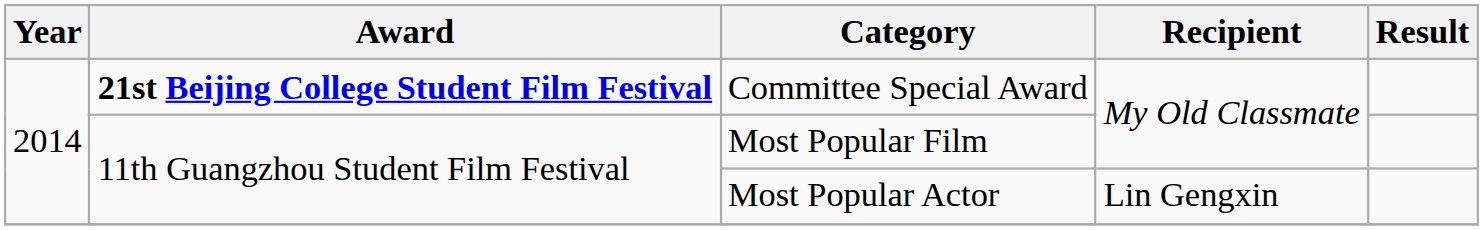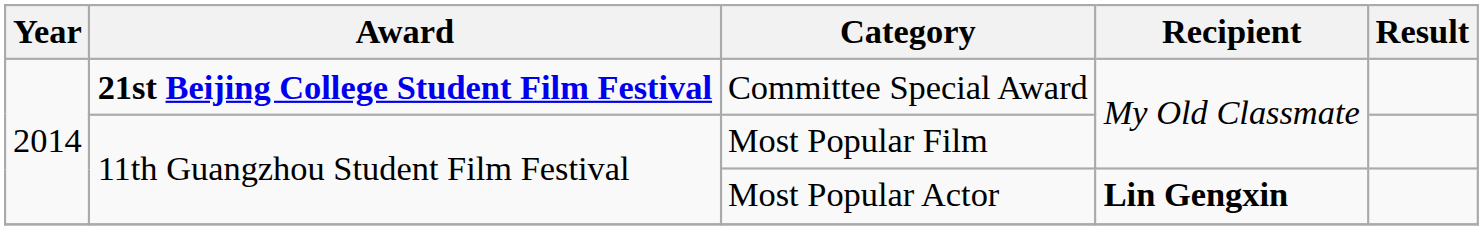 <table class="wikitable">
 <tr>
 <th>Year</th>
 <th>Award</th>
 <th>Category</th>
 <th>Recipient</th>
 <th>Result</th>
 </tr>
 <tr>
 <td rowspan=3>2014</td>
 <td><strong>21st <a href='#'>Beijing College Student Film Festival</a></strong></td>
 <td>Committee Special Award</td>
 <td rowspan=2><em>My Old Classmate</em></td>
 <td></td>
 </tr>
 <tr>
 <td rowspan=2>11th Guangzhou Student Film Festival</td>
 <td>Most Popular Film</td>
 <td></td>
 </tr>
 <tr>
 <td>Most Popular Actor</td>
-<td>Lin Gengxin</td>
+<td><strong>Lin Gengxin</strong></td>
 <td></td>
 </tr>
 <tr>
 </tr>
 </table>
